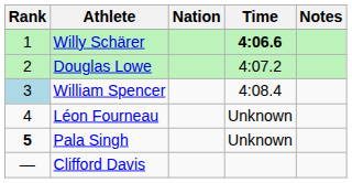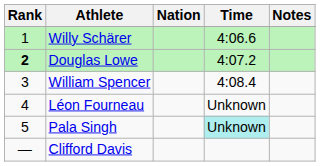 <table class="wikitable sortable" style="text-align:center">
 <tr>
 <th>Rank</th>
 <th>Athlete</th>
 <th>Nation</th>
 <th>Time</th>
 <th>Notes</th>
 </tr>
 <tr>
 </tr>
 <tr bgcolor=bbf3bb>
 <td>1</td>
 <td align=left><a href='#'>Willy Schärer</a></td>
 <td align=left></td>
-<td><strong>4:06.6</strong></td>
+<td>4:06.6</td>
 <td></td>
 </tr>
 <tr bgcolor=bbf3bb>
-<td>2</td>
+<td><strong>2</strong></td>
 <td align=left><a href='#'>Douglas Lowe</a></td>
 <td align=left></td>
 <td>4:07.2</td>
 <td></td>
 </tr>
 <tr>
-<td style="background: lightblue;">3</td>
+<td>3</td>
 <td align=left><a href='#'>William Spencer</a></td>
 <td align=left></td>
 <td>4:08.4</td>
 <td></td>
 </tr>
 <tr>
 <td>4</td>
 <td align=left><a href='#'>Léon Fourneau</a></td>
 <td align=left></td>
 <td data-sort-value=6:00.0>Unknown</td>
 <td></td>
 </tr>
 <tr>
-<td><strong>5</strong></td>
+<td>5</td>
 <td align=left><a href='#'>Pala Singh</a></td>
 <td align=left></td>
-<td data-sort-value=8:00.0>Unknown</td>
+<td data-sort-value=8:00.0 style="background: paleturquoise;">Unknown</td>
 <td></td>
 </tr>
 <tr>
 <td data-sort-value=6>—</td>
 <td align=left><a href='#'>Clifford Davis</a></td>
 <td align=left></td>
 <td data-sort-value=9:00.0></td>
 <td></td>
 </tr>
 </table>
